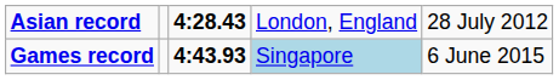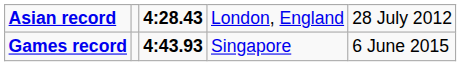 <table class="wikitable">
 <tr>
 <td><strong><a href='#'>Asian record</a></strong></td>
 <td></td>
 <td><strong>4:28.43</strong></td>
 <td><a href='#'>London</a>, <a href='#'>England</a></td>
 <td>28 July 2012</td>
 </tr>
 <tr>
 <td><strong><a href='#'>Games record</a></strong></td>
 <td></td>
 <td><strong>4:43.93</strong></td>
-<td style="background: lightblue;"><a href='#'>Singapore</a></td>
+<td><a href='#'>Singapore</a></td>
 <td>6 June 2015</td>
 </tr>
 </table>
